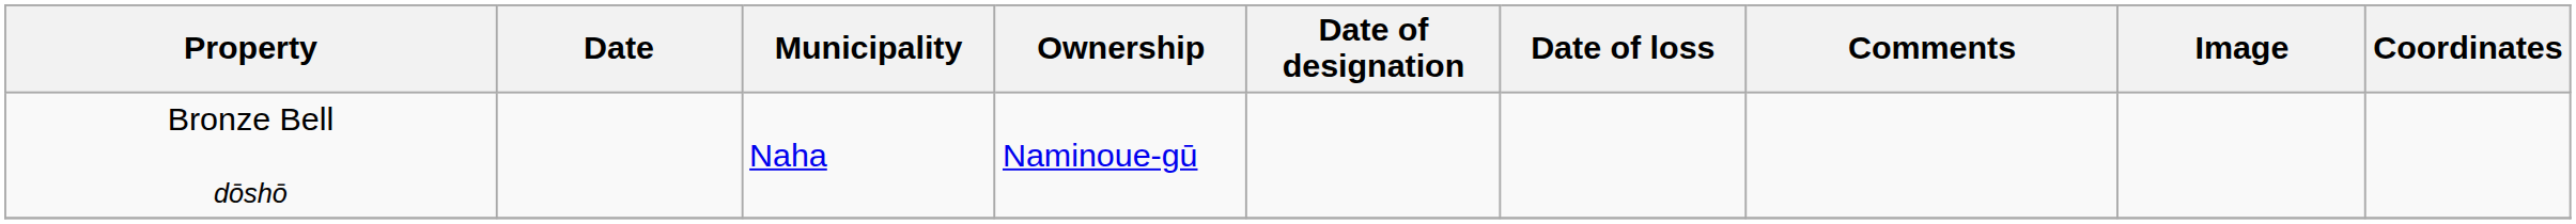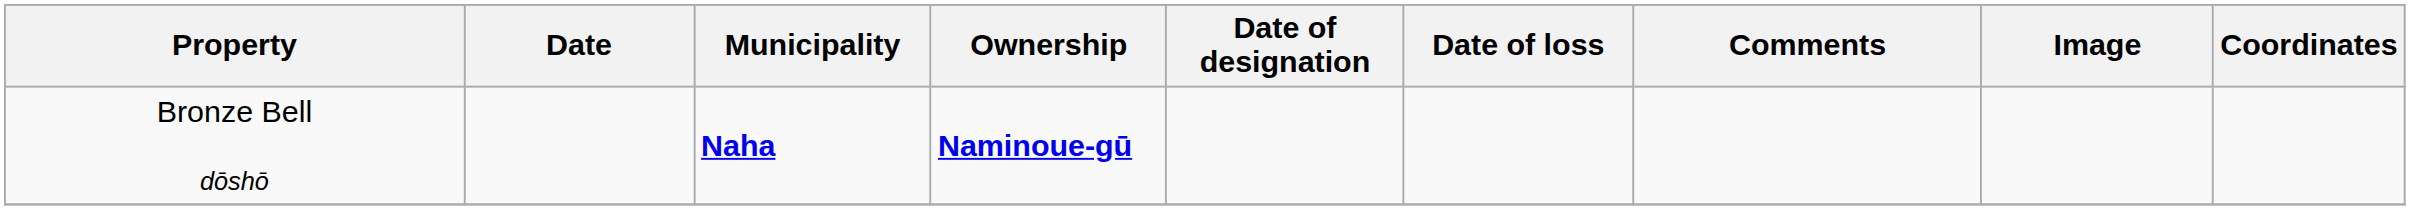 <table class="wikitable sortable"  style="width:100%;">
 <tr>
 <th width="20%" align="left">Property</th>
 <th width="10%" align="left">Date</th>
 <th width="10%" align="left">Municipality</th>
 <th width="10%" align="left">Ownership</th>
 <th width="10%" align="left">Date of designation</th>
 <th width="10%" align="left">Date of loss</th>
 <th width="15%" align="left" class="unsortable">Comments</th>
 <th width="10%" align="left" class="unsortable">Image</th>
 <th width="5%" align="left" class="unsortable">Coordinates</th>
 </tr>
 <tr>
 <td align="center">Bronze Bell<br><br><small><em>dōshō</em></small></td>
 <td></td>
-<td><a href='#'>Naha</a></td>
-<td><a href='#'>Naminoue-gū</a></td>
+<td><strong><a href='#'>Naha</a></strong></td>
+<td><strong><a href='#'>Naminoue-gū</a></strong></td>
 <td></td>
 <td></td>
 <td></td>
 <td></td>
 <td></td>
 </tr>
 <tr>
 </tr>
 </table>
